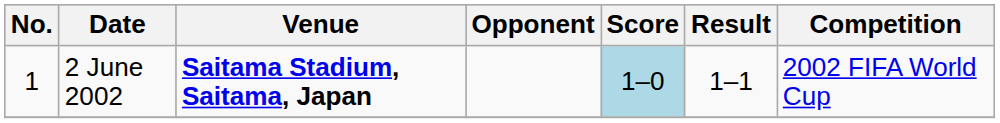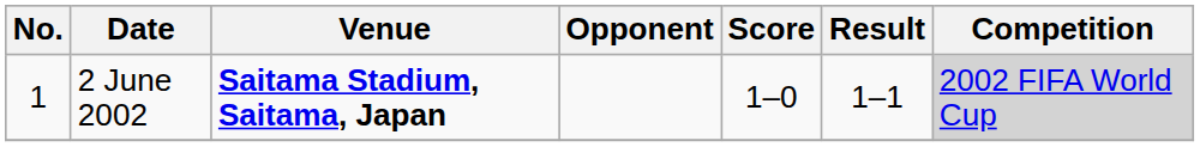 <table class="wikitable sortable">
 <tr>
 <th scope="col">No.</th>
 <th scope="col">Date</th>
 <th scope="col">Venue</th>
 <th scope="col">Opponent</th>
 <th scope="col">Score</th>
 <th scope="col">Result</th>
 <th scope="col">Competition</th>
 </tr>
 <tr>
 <td align="center">1</td>
 <td>2 June 2002</td>
 <td><strong><a href='#'>Saitama Stadium</a>, <a href='#'>Saitama</a>, Japan</strong></td>
 <td></td>
-<td align="center" style="background: lightblue;">1–0</td>
+<td align="center">1–0</td>
 <td align="center">1–1</td>
-<td><a href='#'>2002 FIFA World Cup</a></td>
+<td style="background: lightgrey;"><a href='#'>2002 FIFA World Cup</a></td>
 </tr>
 <tr>
 </tr>
 </table>
